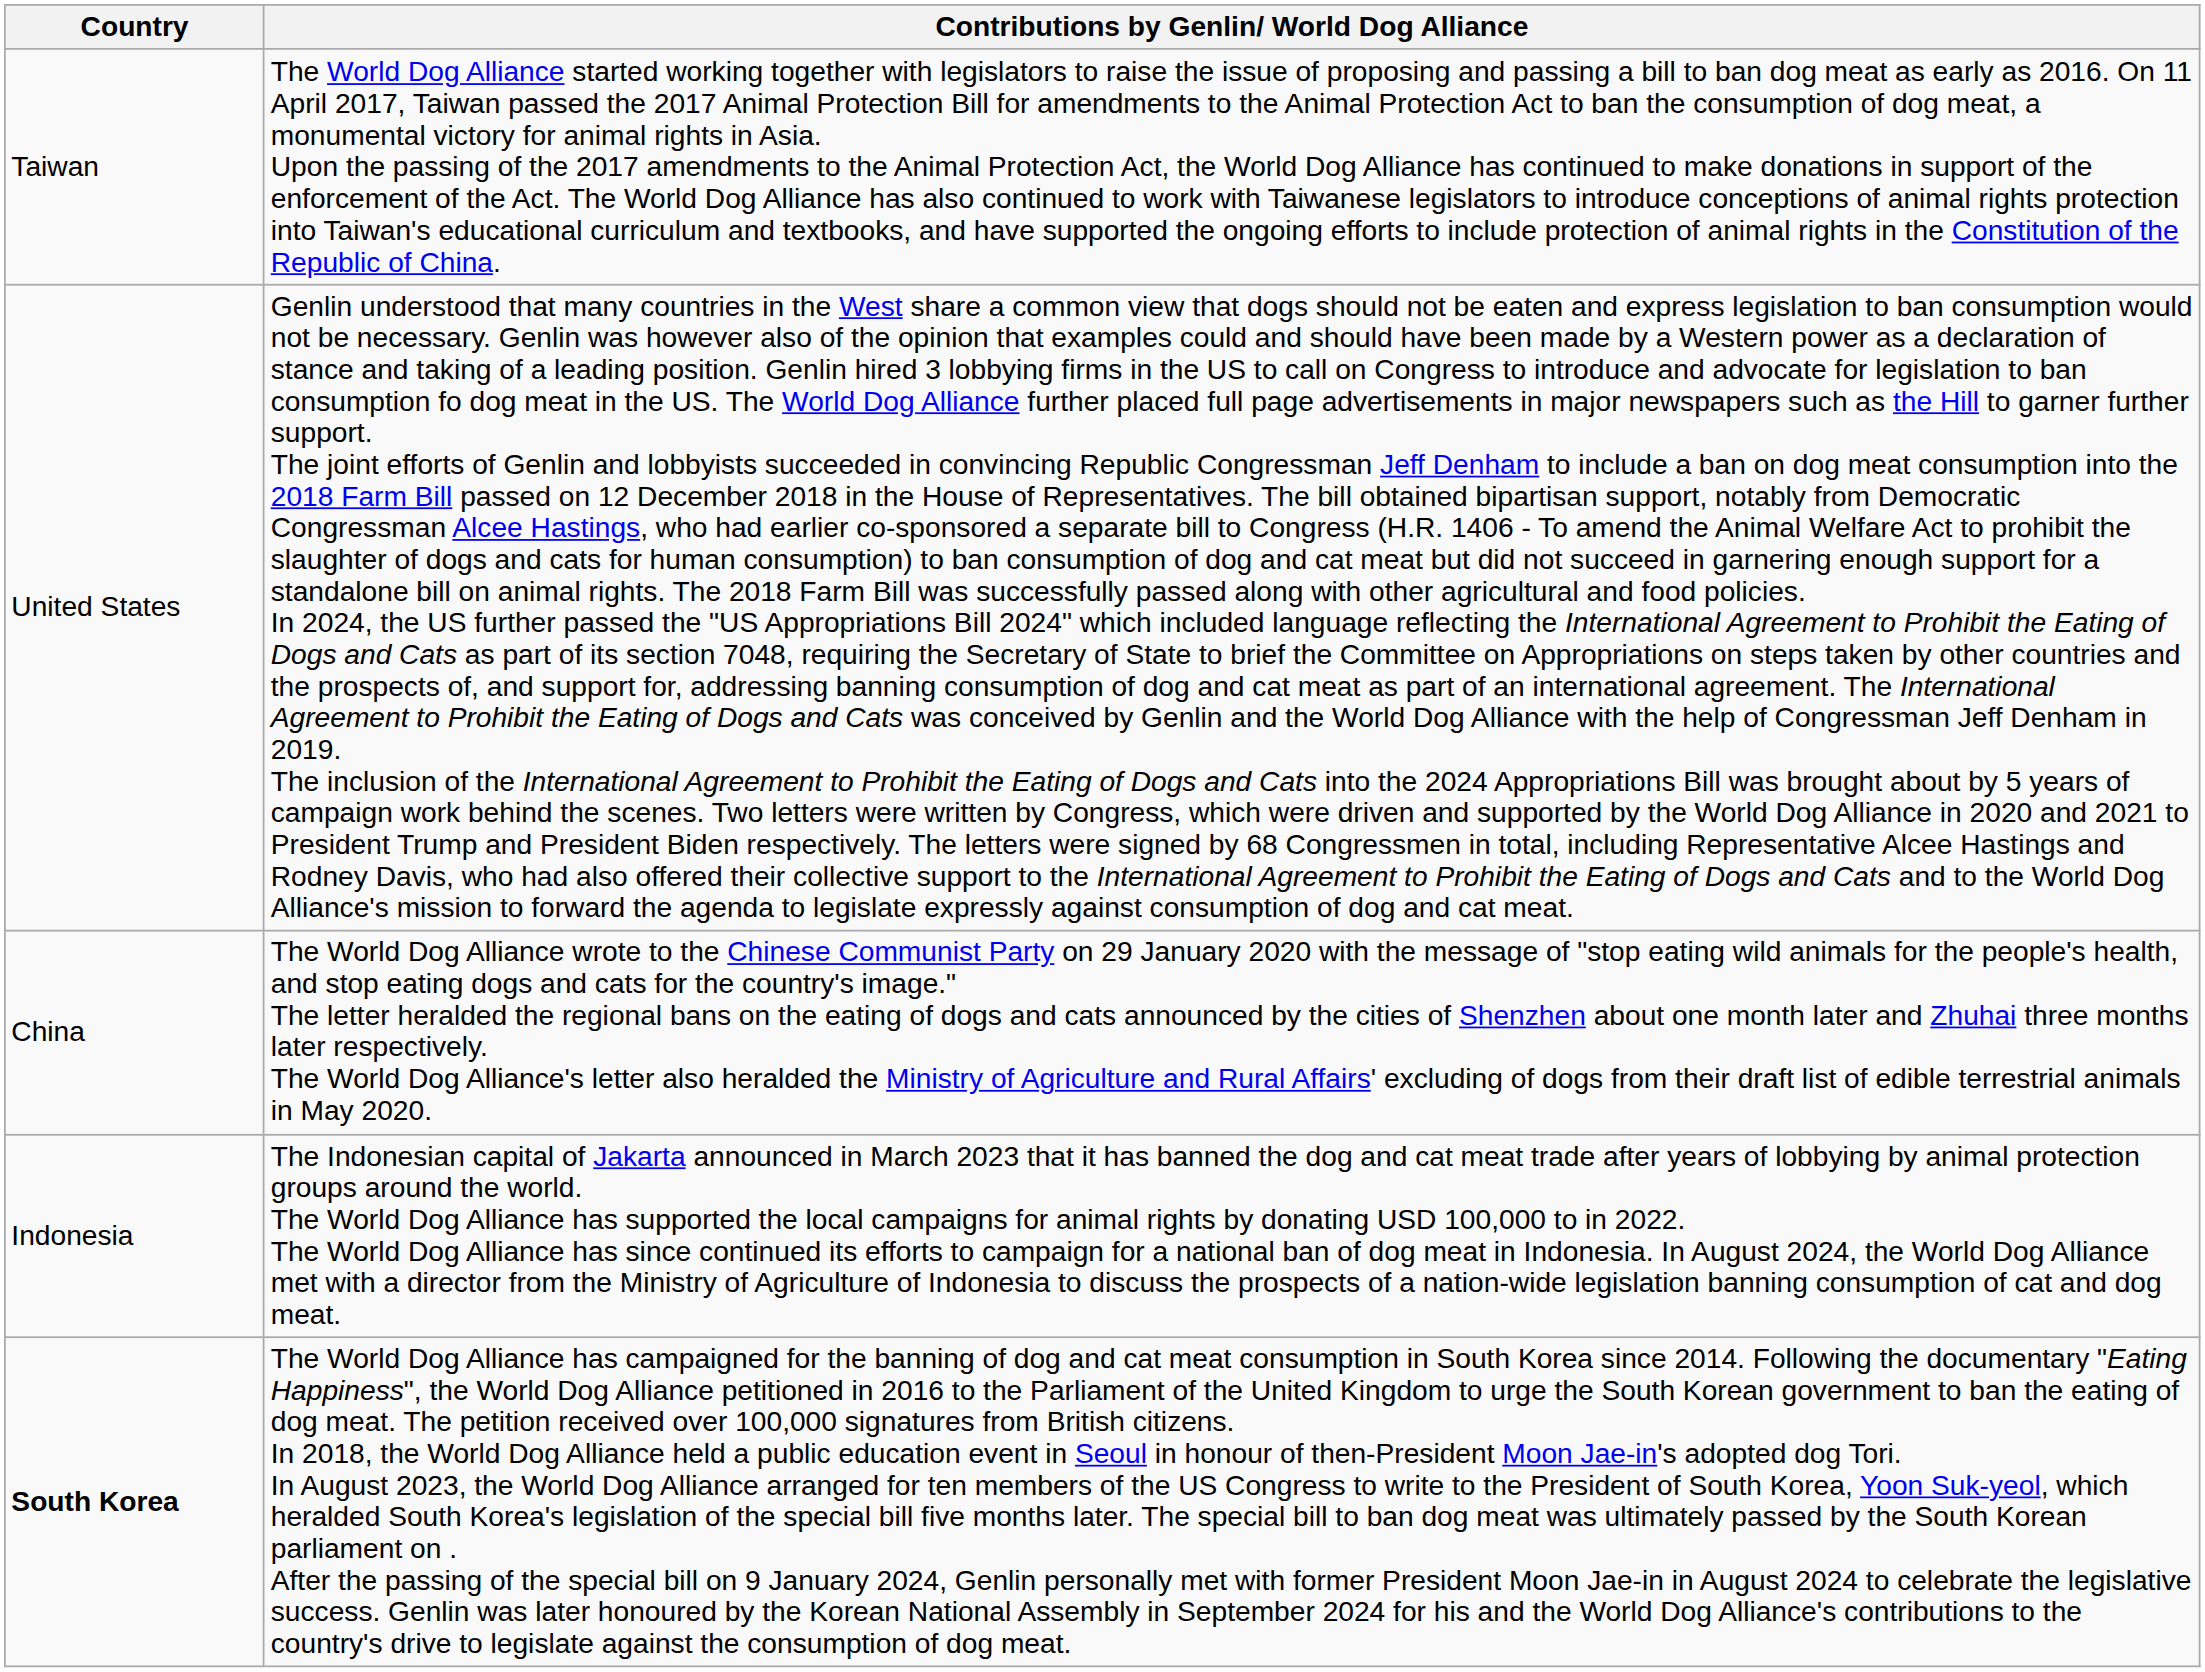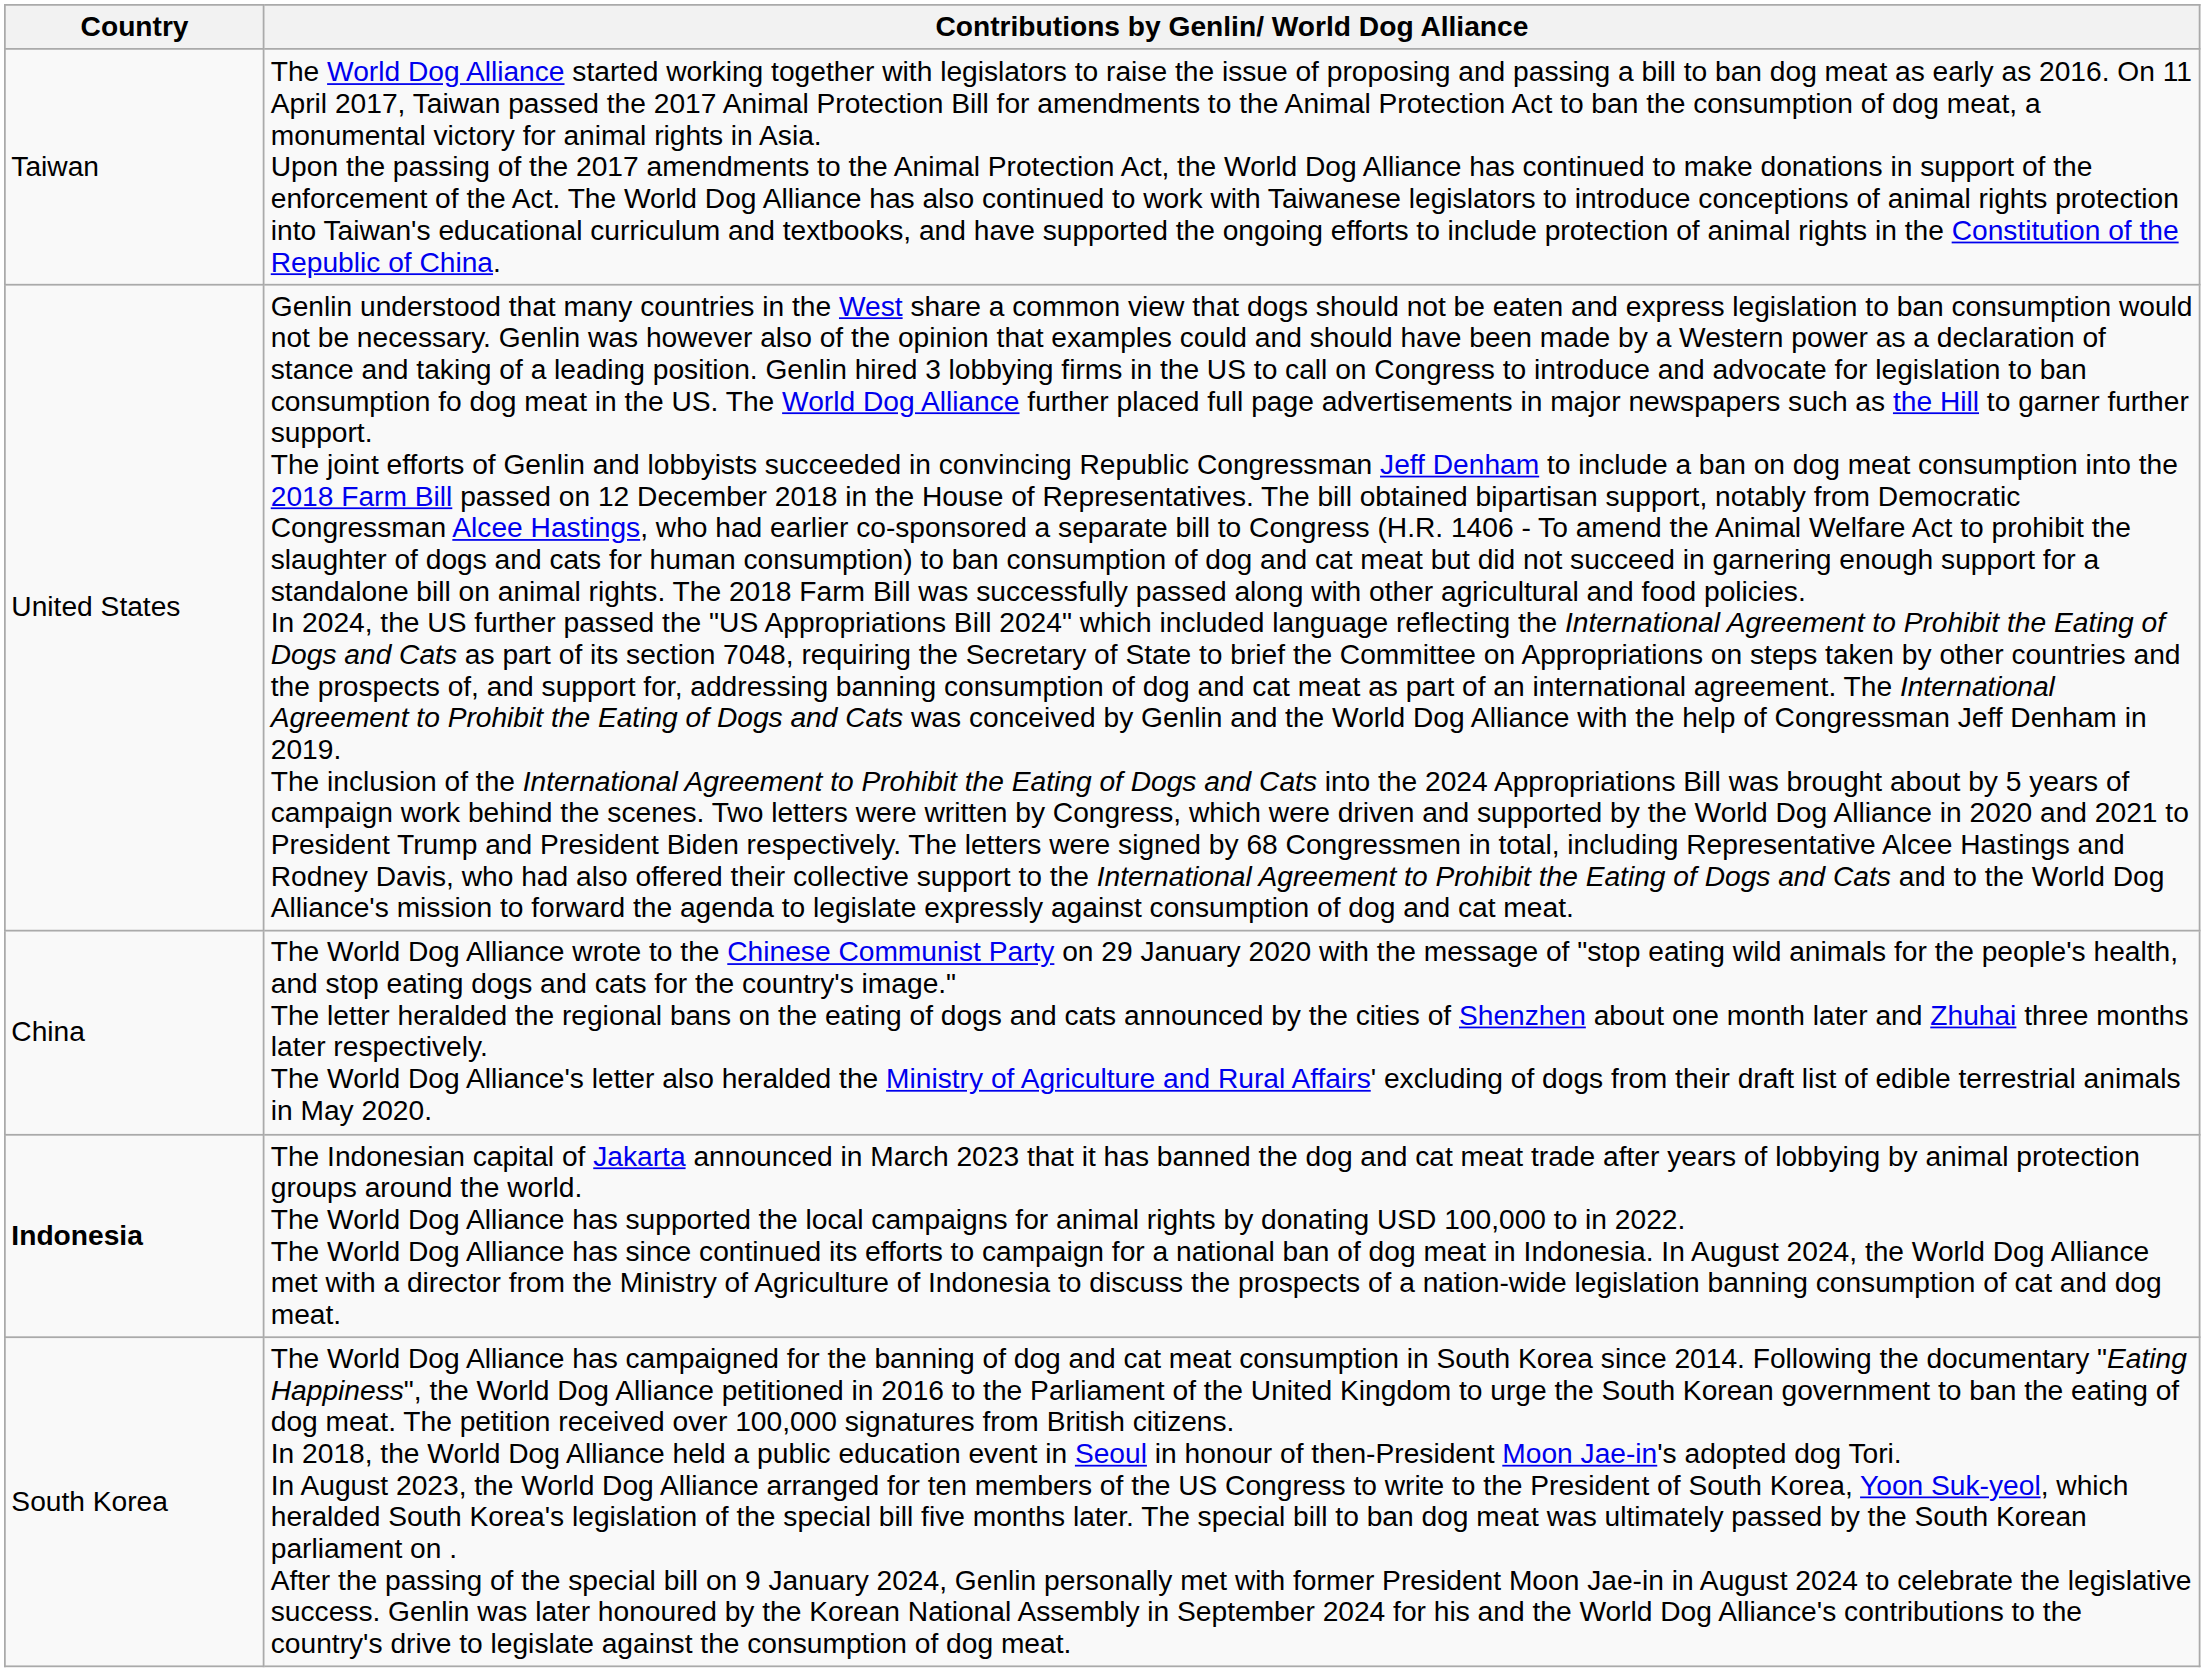 <table class="wikitable">
 <tr>
 <th scope="col" style="width: 140px;">Country</th>
 <th>Contributions by Genlin/ World Dog Alliance</th>
 </tr>
 <tr>
 <td>Taiwan</td>
 <td>The <a href='#'>World Dog Alliance</a> started working together with legislators to raise the issue of proposing and passing a bill to ban dog meat as early as 2016. On 11 April 2017, Taiwan passed the 2017 Animal Protection Bill for amendments to the Animal Protection Act to ban the consumption of dog meat, a monumental victory for animal rights in Asia.<br>Upon the passing of the 2017 amendments to the Animal Protection Act, the World Dog Alliance has continued to make donations in support of the enforcement of the Act. The World Dog Alliance has also continued to work with Taiwanese legislators to introduce conceptions of animal rights protection into Taiwan's educational curriculum and textbooks, and have supported the ongoing efforts to include protection of animal rights in the <a href='#'>Constitution of the Republic of China</a>.</td>
 </tr>
 <tr>
 <td>United States</td>
 <td>Genlin understood that many countries in the <a href='#'>West</a> share a common view that dogs should not be eaten and express legislation to ban consumption would not be necessary. Genlin was however also of the opinion that examples could and should have been made by a Western power as a declaration of stance and taking of a leading position. Genlin hired 3 lobbying firms in the US to call on Congress to introduce and advocate for legislation to ban consumption fo dog meat in the US. The <a href='#'>World Dog Alliance</a> further placed full page advertisements in major newspapers such as <a href='#'>the Hill</a> to garner further support.<br>The joint efforts of Genlin and lobbyists succeeded in convincing Republic Congressman <a href='#'>Jeff Denham</a> to include a ban on dog meat consumption into the <a href='#'>2018 Farm Bill</a> passed on 12 December 2018 in the House of Representatives. The bill obtained bipartisan support, notably from Democratic Congressman <a href='#'>Alcee Hastings</a>, who had earlier co-sponsored a separate bill to Congress (H.R. 1406 - To amend the Animal Welfare Act to prohibit the slaughter of dogs and cats for human consumption) to ban consumption of dog and cat meat but did not succeed in garnering enough support for a standalone bill on animal rights. The 2018 Farm Bill was successfully passed along with other agricultural and food policies.<br>In 2024, the US further passed the "US Appropriations Bill 2024"  which included language reflecting the <em>International Agreement to Prohibit the Eating of Dogs and Cats</em> as part of its section 7048, requiring the Secretary of State to brief the Committee on Appropriations on steps taken by other countries and the prospects of, and support for, addressing banning consumption of dog and cat meat as part of an international agreement. The <em>International Agreement to Prohibit the Eating of Dogs and Cats</em> was conceived by Genlin and the World Dog Alliance with the help of Congressman Jeff Denham in 2019.<br>The inclusion of the <em>International Agreement to Prohibit the Eating of Dogs and Cats</em> into the 2024 Appropriations Bill was brought about by 5 years of campaign work behind the scenes. Two letters were written by Congress, which were driven and supported by the World Dog Alliance in 2020 and 2021 to President Trump and President Biden respectively. The letters were signed by 68 Congressmen in total, including Representative Alcee Hastings and Rodney Davis, who had also offered their collective support to the <em>International Agreement to Prohibit the Eating of Dogs and Cats</em> and to the World Dog Alliance's mission to forward the agenda to legislate expressly against consumption of dog and cat meat.</td>
 </tr>
 <tr>
 <td>China</td>
 <td>The World Dog Alliance wrote to the <a href='#'>Chinese Communist Party</a> on 29 January 2020 with the message of "stop eating wild animals for the people's health, and stop eating dogs and cats for the country's image."<br>The letter heralded the regional bans on the eating of dogs and cats announced by the cities of <a href='#'>Shenzhen</a> about one month later and <a href='#'>Zhuhai</a> three months later  respectively.<br>The World Dog Alliance's letter also heralded the <a href='#'>Ministry of Agriculture and Rural Affairs</a>' excluding of dogs from their draft list of edible terrestrial animals in May 2020.</td>
 </tr>
 <tr>
-<td>Indonesia</td>
+<td><strong>Indonesia</strong></td>
 <td>The Indonesian capital of <a href='#'>Jakarta</a> announced in March 2023 that it has banned the dog and cat meat trade after years of lobbying by animal protection groups around the world.<br>The World Dog Alliance has supported the local campaigns for animal rights by donating USD 100,000 to  in 2022.<br>The World Dog Alliance has since continued its efforts to campaign for a national ban of dog meat in Indonesia. In August 2024, the World Dog Alliance met with a director from the Ministry of Agriculture of Indonesia to discuss the prospects of a nation-wide legislation banning consumption of cat and dog meat.</td>
 </tr>
 <tr>
-<td><strong>South Korea</strong></td>
+<td>South Korea</td>
 <td>The World Dog Alliance has campaigned for the banning of dog and cat meat consumption in South Korea since 2014. Following the documentary "<em>Eating</em> <em>Happiness</em>", the World Dog Alliance petitioned in 2016 to the Parliament of the United Kingdom to urge the South Korean government to ban the eating of dog meat. The petition received over 100,000 signatures from British citizens.<br>In 2018, the World Dog Alliance held a public education event in <a href='#'>Seoul</a> in honour of then-President <a href='#'>Moon Jae-in</a>'s adopted dog Tori.<br>In August 2023, the World Dog Alliance arranged for ten members of the US Congress to write to the President of South Korea, <a href='#'>Yoon Suk-yeol</a>, which heralded South Korea's legislation of the special bill five months later. The special bill to ban dog meat was ultimately passed by the South Korean parliament on .<br>After the passing of the special bill on 9 January 2024, Genlin personally met with former President Moon Jae-in in August 2024 to celebrate the legislative success. Genlin was later honoured by the Korean National Assembly in September 2024 for his and the World Dog Alliance's contributions to the country's drive to legislate against the consumption of dog meat.</td>
 </tr>
 </table>
